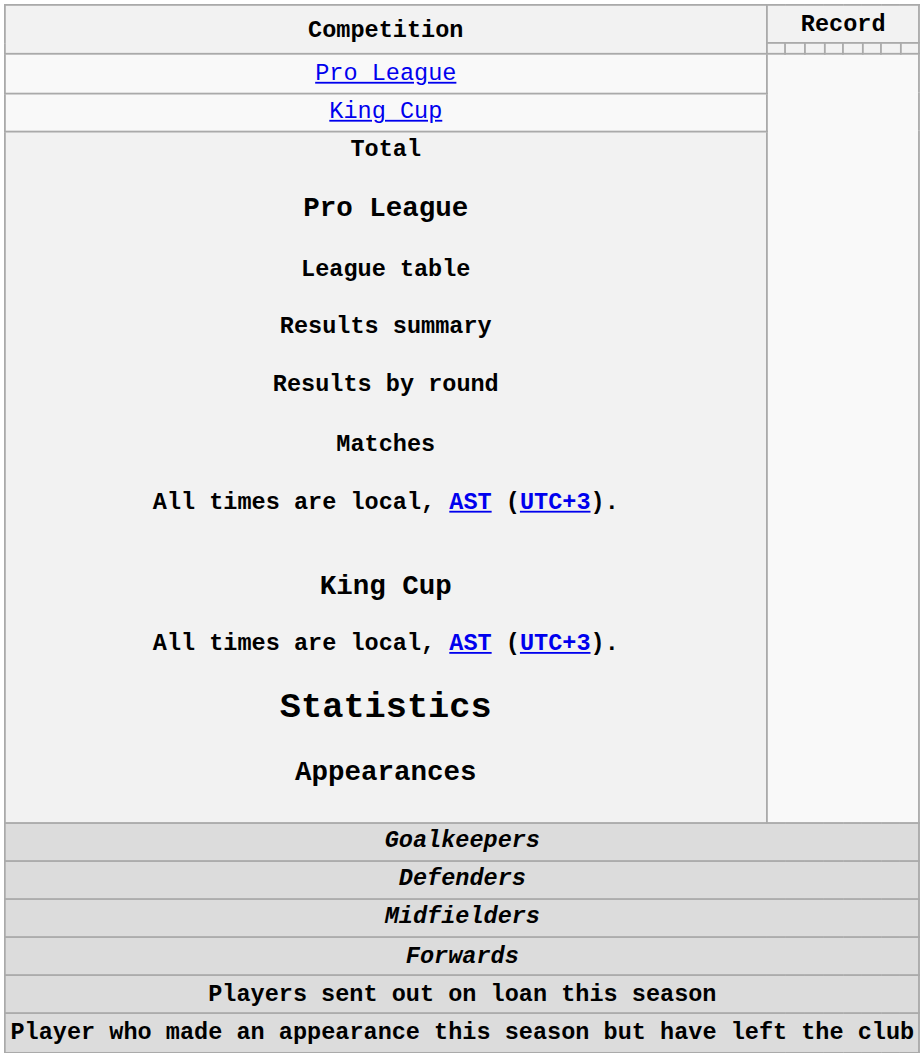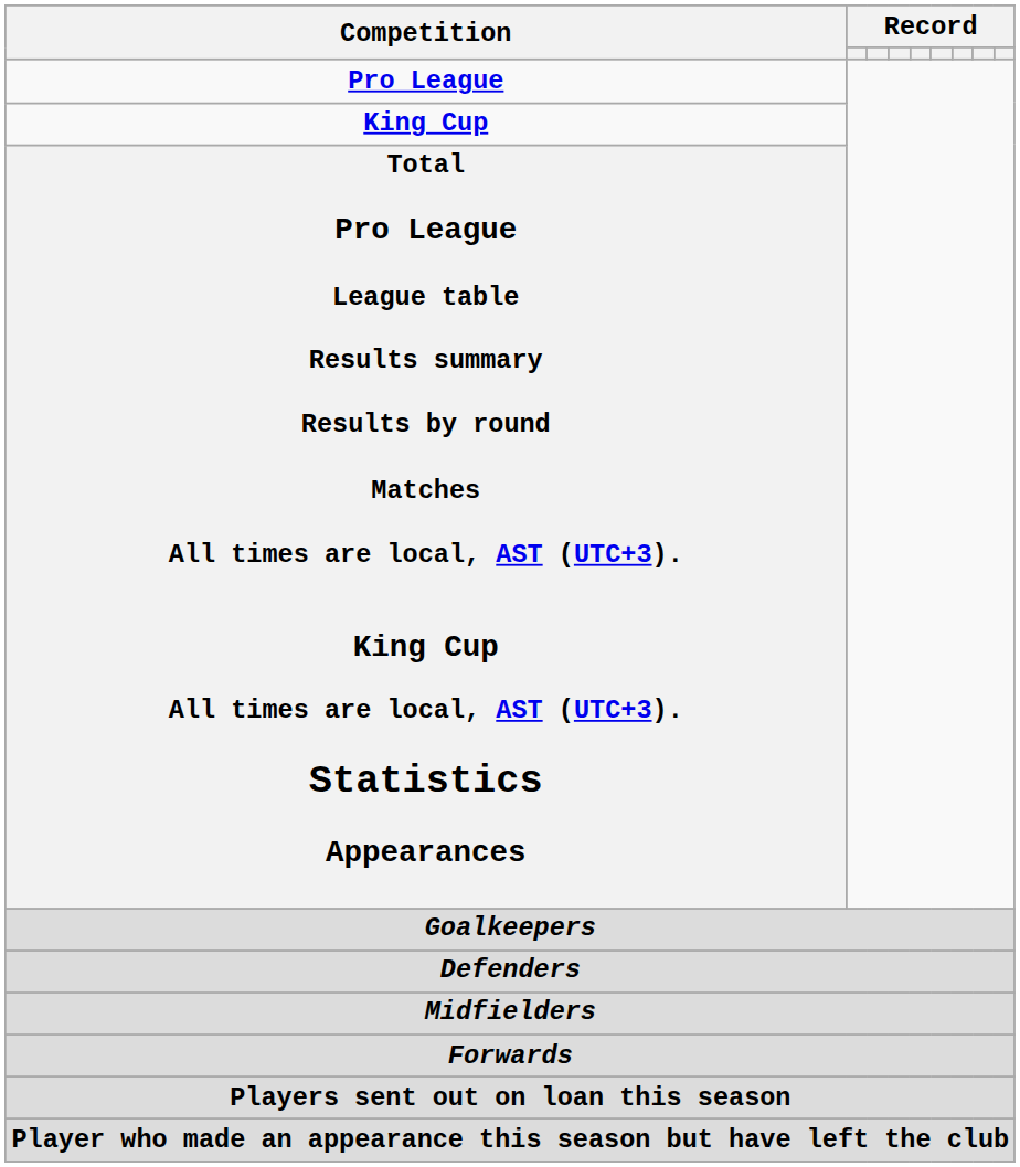 <table class="wikitable" style="text-align: center">
 <tr>
 <th rowspan=2>Competition</th>
 <th colspan=8>Record</th>
 </tr>
 <tr>
 <th></th>
 <th></th>
 <th></th>
 <th></th>
 <th></th>
 <th></th>
 <th></th>
 <th></th>
 </tr>
 <tr>
-<td><a href='#'>Pro League</a><br></td>
+<td><strong><a href='#'>Pro League</a><br></strong></td>
 </tr>
 <tr>
-<td><a href='#'>King Cup</a><br></td>
+<td><strong><a href='#'>King Cup</a><br></strong></td>
 </tr>
 <tr>
 <th>Total<br> <h3>Pro League</h3><h4>League table</h4><h4>Results summary</h4> <h4>Results by round</h4><h4>Matches</h4>All times are local, <a href='#'>AST</a> (<a href='#'>UTC+3</a>).<br>   <br>                                 <h3>King Cup</h3> All times are local, <a href='#'>AST</a> (<a href='#'>UTC+3</a>).<br> <h2>Statistics</h2><h3>Appearances</h3></th>
 </tr>
 <tr>
 <th colspan=10 style=background:#dcdcdc; text-align:center><em>Goalkeepers</em><br>  </th>
 </tr>
 <tr>
 <th colspan=10 style=background:#dcdcdc; text-align:center><em>Defenders</em><br>        </th>
 </tr>
 <tr>
 <th colspan=10 style=background:#dcdcdc; text-align:center><em>Midfielders</em><br>         </th>
 </tr>
 <tr>
 <th colspan=10 style=background:#dcdcdc; text-align:center><em>Forwards</em><br>    </th>
 </tr>
 <tr>
 <th colspan=16 style=background:#dcdcdc; text-align:center>Players sent out on loan this season<br>        </th>
 </tr>
 <tr>
 <th colspan=18 style=background:#dcdcdc; text-align:center>Player who made an appearance this season but have left the club<br>   </th>
 </tr>
 </table>
